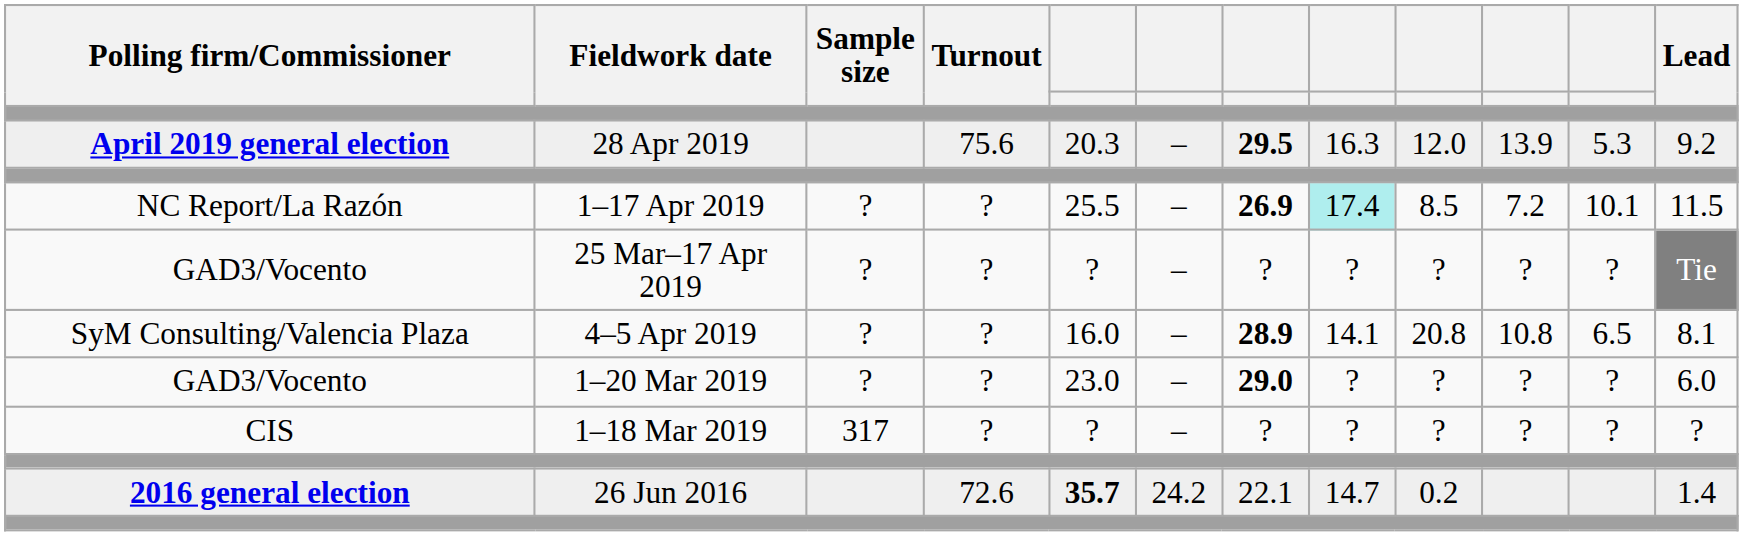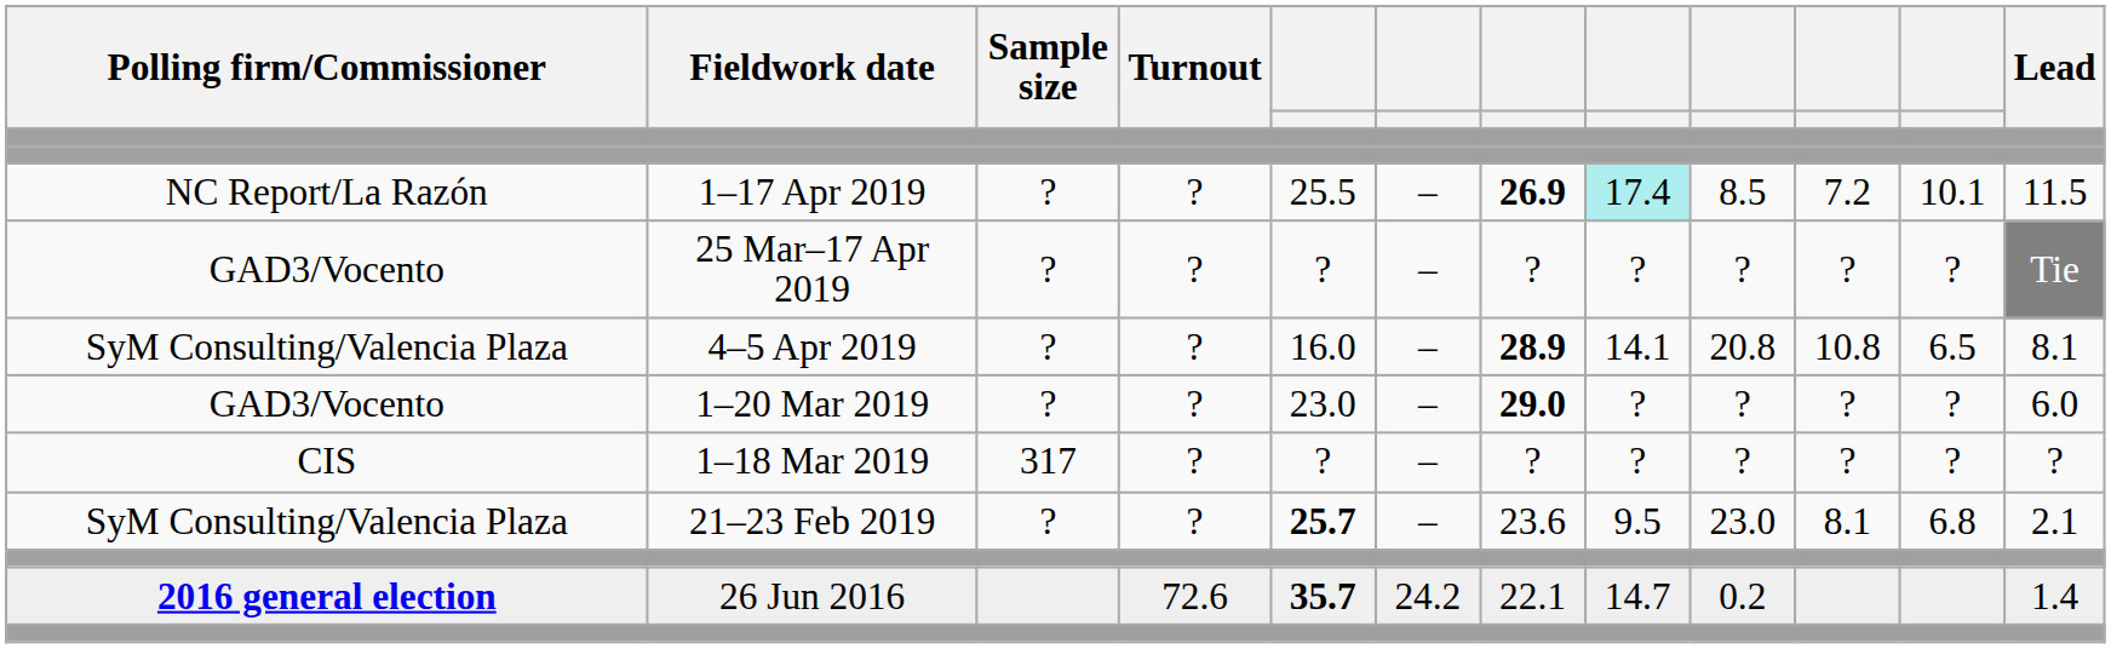 <table class="wikitable collapsible collapsed" style="text-align:center; font-size:95%; line-height:16px;">
 <tr style="height:42px;">
 <th style="width:250px;" rowspan="2">Polling firm/Commissioner</th>
 <th style="width:125px;" rowspan="2">Fieldwork date</th>
 <th style="width:50px;" rowspan="2">Sample size</th>
 <th style="width:45px;" rowspan="2">Turnout</th>
 <th style="width:35px;"></th>
 <th style="width:35px;"></th>
 <th style="width:35px;"></th>
 <th style="width:35px;"></th>
 <th style="width:35px;"></th>
 <th style="width:35px;"></th>
 <th style="width:35px;"></th>
 <th style="width:30px;" rowspan="2">Lead</th>
 </tr>
 <tr>
 <th style="color:inherit;background:"></th>
 <th style="color:inherit;background:"></th>
 <th style="color:inherit;background:"></th>
 <th style="color:inherit;background:"></th>
 <th style="color:inherit;background:"></th>
 <th style="color:inherit;background:"></th>
 <th style="color:inherit;background:"></th>
 </tr>
 <tr>
 <td colspan="12" style="background:#A0A0A0"></td>
-</tr>
-<tr style="background:#EFEFEF;">
-<td><strong><a href='#'>April 2019 general election</a></strong></td>
-<td>28 Apr 2019</td>
-<td></td>
-<td>75.6</td>
-<td>20.3<br></td>
-<td>–</td>
-<td><strong>29.5</strong><br></td>
-<td>16.3<br></td>
-<td>12.0<br></td>
-<td>13.9<br></td>
-<td>5.3<br></td>
-<td style="background:">9.2</td>
 </tr>
 <tr>
 <td colspan="12" style="background:#A0A0A0"></td>
 </tr>
 <tr>
 <td>NC Report/La Razón</td>
 <td>1–17 Apr 2019</td>
 <td>?</td>
 <td>?</td>
 <td>25.5<br></td>
 <td>–</td>
 <td><strong>26.9</strong><br></td>
 <td style="background: paleturquoise;">17.4<br></td>
 <td>8.5<br></td>
 <td>7.2<br></td>
 <td>10.1<br></td>
 <td style="background:">11.5</td>
 </tr>
 <tr>
 <td>GAD3/Vocento</td>
 <td>25 Mar–17 Apr 2019</td>
 <td>?</td>
 <td>?</td>
 <td>?<br></td>
 <td>–</td>
 <td>?<br></td>
 <td>?<br></td>
 <td>?<br></td>
 <td>?<br></td>
 <td>?<br></td>
 <td style="background:gray;color:white;">Tie</td>
 </tr>
 <tr>
 <td>SyM Consulting/Valencia Plaza</td>
 <td>4–5 Apr 2019</td>
 <td>?</td>
 <td>?</td>
 <td>16.0<br></td>
 <td>–</td>
 <td><strong>28.9</strong><br></td>
 <td>14.1<br></td>
 <td>20.8<br></td>
 <td>10.8<br></td>
 <td>6.5<br></td>
 <td style="background:">8.1</td>
 </tr>
 <tr>
 <td>GAD3/Vocento</td>
 <td>1–20 Mar 2019</td>
 <td>?</td>
 <td>?</td>
 <td>23.0<br></td>
 <td>–</td>
 <td><strong>29.0</strong><br></td>
 <td>?<br></td>
 <td>?<br></td>
 <td>?<br></td>
 <td>?<br></td>
 <td style="background:">6.0</td>
 </tr>
 <tr>
 <td>CIS</td>
 <td>1–18 Mar 2019</td>
 <td>317</td>
 <td>?</td>
 <td>?<br></td>
 <td>–</td>
 <td>?<br></td>
 <td>?<br></td>
 <td>?<br></td>
 <td>?<br></td>
 <td>?<br></td>
 <td style="background:">?</td>
 </tr>
 <tr>
+<td>SyM Consulting/Valencia Plaza</td>
+<td>21–23 Feb 2019</td>
+<td>?</td>
+<td>?</td>
+<td><strong>25.7</strong><br></td>
+<td>–</td>
+<td>23.6<br></td>
+<td>9.5<br></td>
+<td>23.0<br></td>
+<td>8.1<br></td>
+<td>6.8<br></td>
+<td style="background:">2.1</td>
+</tr>
+<tr>
 <td colspan="12" style="background:#A0A0A0"></td>
 </tr>
 <tr style="background:#EFEFEF;">
 <td><strong><a href='#'>2016 general election</a></strong></td>
 <td>26 Jun 2016</td>
 <td></td>
 <td>72.6</td>
 <td><strong>35.7</strong><br></td>
 <td>24.2<br></td>
 <td>22.1<br></td>
 <td>14.7<br></td>
 <td>0.2<br></td>
 <td></td>
 <td></td>
 <td style="background:">1.4</td>
 </tr>
 <tr>
 <td colspan="12" style="background:#A0A0A0"></td>
 </tr>
 </table>
